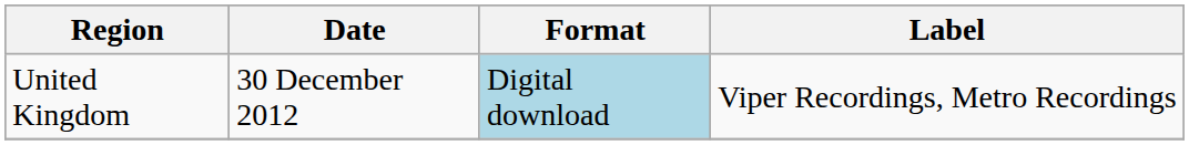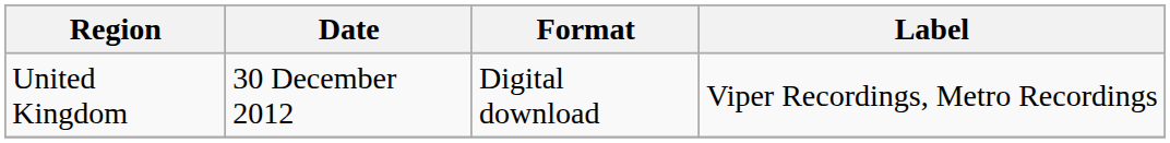 <table class=wikitable>
 <tr>
 <th>Region</th>
 <th>Date</th>
 <th>Format</th>
 <th>Label</th>
 </tr>
 <tr>
 <td>United Kingdom</td>
 <td>30 December 2012</td>
-<td style="background: lightblue;">Digital download</td>
+<td>Digital download</td>
 <td>Viper Recordings, Metro Recordings</td>
 </tr>
 <tr>
 </tr>
 </table>
